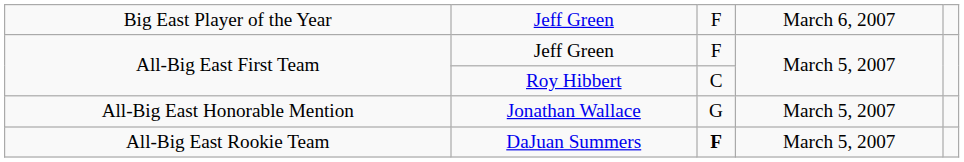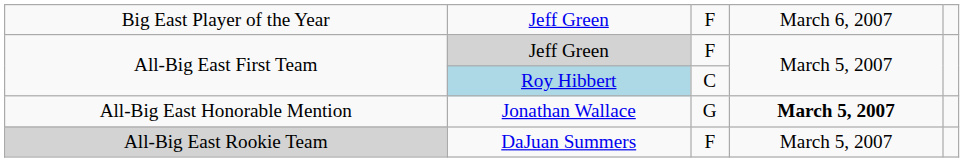 <table class="wikitable" style="width: 90%;text-align: center;">
 <tr align="center">
 <td rowspan="1">Big East Player of the Year</td>
 <td><a href='#'>Jeff Green</a></td>
 <td>F</td>
 <td>March 6, 2007</td>
 <td></td>
 </tr>
 <tr align="center">
 <td rowspan="2">All-Big East First Team</td>
-<td>Jeff Green</td>
+<td style="background: lightgrey;">Jeff Green</td>
 <td>F</td>
 <td rowspan="2">March 5, 2007</td>
 <td rowspan="2"></td>
 </tr>
 <tr align="center">
-<td><a href='#'>Roy Hibbert</a></td>
+<td style="background: lightblue;"><a href='#'>Roy Hibbert</a></td>
 <td>C</td>
 </tr>
 <tr align="center">
 <td rowspan="1">All-Big East Honorable Mention</td>
 <td><a href='#'>Jonathan Wallace</a></td>
 <td>G</td>
-<td>March 5, 2007</td>
+<td><strong>March 5, 2007</strong></td>
 <td></td>
 </tr>
 <tr align="center">
-<td rowspan="1">All-Big East Rookie Team</td>
+<td rowspan="1" style="background: lightgrey;">All-Big East Rookie Team</td>
 <td><a href='#'>DaJuan Summers</a></td>
-<td><strong>F</strong></td>
+<td>F</td>
 <td>March 5, 2007</td>
 <td></td>
 </tr>
 </table>
